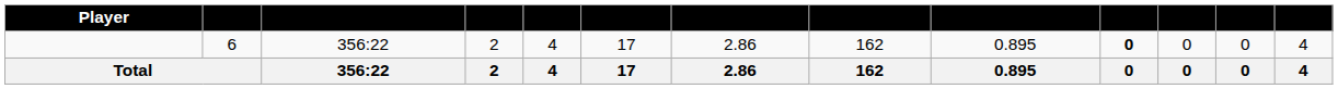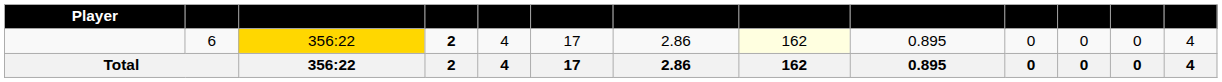 <table class="wikitable sortable" style="width:100%; text-align:center;">
 <tr>
 <th style="color:white; background:#000000; ">Player</th>
 <th style="color:white; background:#000000; "></th>
 <th style="color:white; background:#000000; "></th>
 <th style="color:white; background:#000000; "></th>
 <th style="color:white; background:#000000; "></th>
 <th style="color:white; background:#000000; "></th>
 <th style="color:white; background:#000000; "></th>
 <th style="color:white; background:#000000; "></th>
 <th style="color:white; background:#000000; "></th>
 <th style="color:white; background:#000000; "></th>
 <th style="color:white; background:#000000; "></th>
 <th style="color:white; background:#000000; "></th>
 <th style="color:white; background:#000000; "></th>
 </tr>
 <tr>
 <td></td>
 <td>6</td>
-<td>356:22</td>
-<td>2</td>
+<td style="background: gold;">356:22</td>
+<td><strong>2</strong></td>
 <td>4</td>
 <td>17</td>
 <td>2.86</td>
-<td>162</td>
+<td style="background: lightyellow;">162</td>
 <td>0.895</td>
-<td><strong>0</strong></td>
+<td>0</td>
 <td>0</td>
 <td>0</td>
 <td>4</td>
 </tr>
 <tr class="sortbotom">
 <th colspan=2>Total</th>
 <th>356:22</th>
 <th>2</th>
 <th>4</th>
 <th>17</th>
 <th>2.86</th>
 <th>162</th>
 <th>0.895</th>
 <th>0</th>
 <th>0</th>
 <th>0</th>
 <th>4</th>
 </tr>
 </table>
